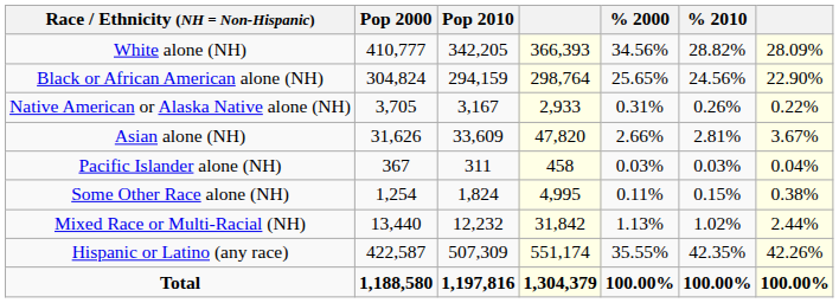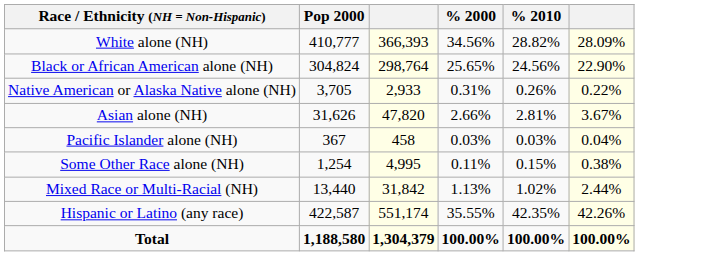 <table class="wikitable" style="text-align:center;">
 <tr>
 <th>Race / Ethnicity <small>(<em>NH = Non-Hispanic</em>)</small></th>
 <th>Pop 2000</th>
-<th>Pop 2010</th>
 <th></th>
 <th>% 2000</th>
 <th>% 2010</th>
 <th></th>
 </tr>
 <tr>
 <td><a href='#'>White</a> alone (NH)</td>
 <td>410,777</td>
-<td>342,205</td>
 <td style='background: #ffffe6;'>366,393</td>
 <td>34.56%</td>
 <td>28.82%</td>
 <td style='background: #ffffe6;'>28.09%</td>
 </tr>
 <tr>
 <td><a href='#'>Black or African American</a> alone (NH)</td>
 <td>304,824</td>
-<td>294,159</td>
 <td style='background: #ffffe6;'>298,764</td>
 <td>25.65%</td>
 <td>24.56%</td>
 <td style='background: #ffffe6;'>22.90%</td>
 </tr>
 <tr>
 <td><a href='#'>Native American</a> or <a href='#'>Alaska Native</a> alone (NH)</td>
 <td>3,705</td>
-<td>3,167</td>
 <td style='background: #ffffe6;'>2,933</td>
 <td>0.31%</td>
 <td>0.26%</td>
 <td style='background: #ffffe6;'>0.22%</td>
 </tr>
 <tr>
 <td><a href='#'>Asian</a> alone (NH)</td>
 <td>31,626</td>
-<td>33,609</td>
 <td style='background: #ffffe6;'>47,820</td>
 <td>2.66%</td>
 <td>2.81%</td>
 <td style='background: #ffffe6;'>3.67%</td>
 </tr>
 <tr>
 <td><a href='#'>Pacific Islander</a> alone (NH)</td>
 <td>367</td>
-<td>311</td>
 <td style='background: #ffffe6;'>458</td>
 <td>0.03%</td>
 <td>0.03%</td>
 <td style='background: #ffffe6;'>0.04%</td>
 </tr>
 <tr>
 <td><a href='#'>Some Other Race</a> alone (NH)</td>
 <td>1,254</td>
-<td>1,824</td>
 <td style='background: #ffffe6;'>4,995</td>
 <td>0.11%</td>
 <td>0.15%</td>
 <td style='background: #ffffe6;'>0.38%</td>
 </tr>
 <tr>
 <td><a href='#'>Mixed Race or Multi-Racial</a> (NH)</td>
 <td>13,440</td>
-<td>12,232</td>
 <td style='background: #ffffe6;'>31,842</td>
 <td>1.13%</td>
 <td>1.02%</td>
 <td style='background: #ffffe6;'>2.44%</td>
 </tr>
 <tr>
 <td><a href='#'>Hispanic or Latino</a> (any race)</td>
 <td>422,587</td>
-<td>507,309</td>
 <td style='background: #ffffe6;'>551,174</td>
 <td>35.55%</td>
 <td>42.35%</td>
 <td style='background: #ffffe6;'>42.26%</td>
 </tr>
 <tr>
 <td><strong>Total</strong></td>
 <td><strong>1,188,580</strong></td>
-<td><strong>1,197,816</strong></td>
 <td style='background: #ffffe6;'><strong>1,304,379</strong></td>
 <td><strong>100.00%</strong></td>
 <td><strong>100.00%</strong></td>
 <td style='background: #ffffe6;'><strong>100.00%</strong></td>
 </tr>
 </table>
